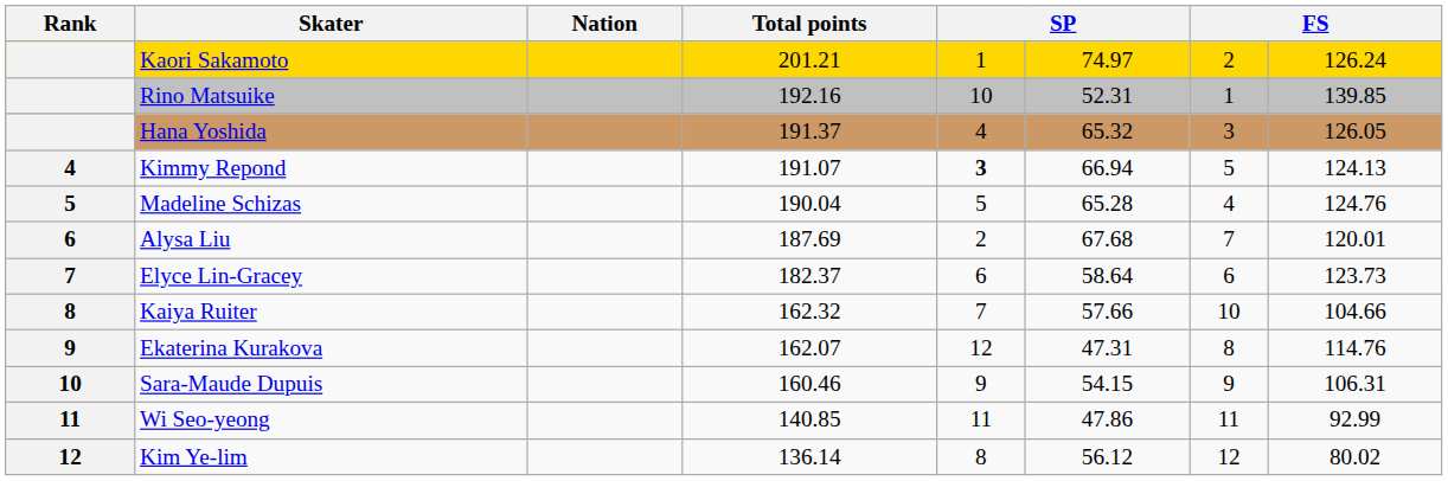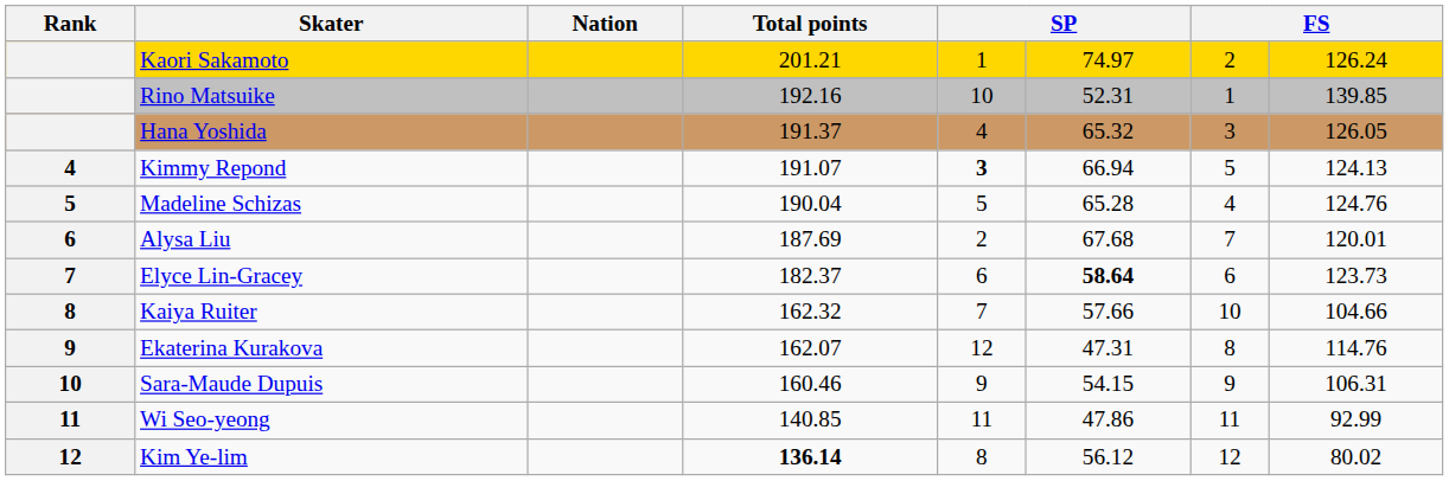 <table class="wikitable sortable" style="text-align:center;" width="80%">
 <tr>
 <th scope="col">Rank</th>
 <th scope="col">Skater</th>
 <th scope="col">Nation</th>
 <th scope="col">Total points</th>
 <th scope="col" colspan="2" width="80px"><a href='#'>SP</a></th>
 <th scope="col" colspan="2" width="80px"><a href='#'>FS</a></th>
 </tr>
 <tr bgcolor="gold">
 <th scope="row"></th>
 <td align="left"><a href='#'>Kaori Sakamoto</a></td>
 <td align="left"></td>
 <td>201.21</td>
 <td>1</td>
 <td>74.97</td>
 <td>2</td>
 <td>126.24</td>
 </tr>
 <tr bgcolor="silver">
 <th scope="row"></th>
 <td align="left"><a href='#'>Rino Matsuike</a></td>
 <td align="left"></td>
 <td>192.16</td>
 <td>10</td>
 <td>52.31</td>
 <td>1</td>
 <td>139.85</td>
 </tr>
 <tr bgcolor="cc9966">
 <th scope="row"></th>
 <td align="left"><a href='#'>Hana Yoshida</a></td>
 <td align="left"></td>
 <td>191.37</td>
 <td>4</td>
 <td>65.32</td>
 <td>3</td>
 <td>126.05</td>
 </tr>
 <tr>
 <th scope="row">4</th>
 <td align="left"><a href='#'>Kimmy Repond</a></td>
 <td align="left"></td>
 <td>191.07</td>
 <td><strong>3</strong></td>
 <td>66.94</td>
 <td>5</td>
 <td>124.13</td>
 </tr>
 <tr>
 <th scope="row">5</th>
 <td align="left"><a href='#'>Madeline Schizas</a></td>
 <td align="left"></td>
 <td>190.04</td>
 <td>5</td>
 <td>65.28</td>
 <td>4</td>
 <td>124.76</td>
 </tr>
 <tr>
 <th scope="row">6</th>
 <td align="left"><a href='#'>Alysa Liu</a></td>
 <td align="left"></td>
 <td>187.69</td>
 <td>2</td>
 <td>67.68</td>
 <td>7</td>
 <td>120.01</td>
 </tr>
 <tr>
 <th scope="row">7</th>
 <td align="left"><a href='#'>Elyce Lin-Gracey</a></td>
 <td align="left"></td>
 <td>182.37</td>
 <td>6</td>
-<td>58.64</td>
+<td><strong>58.64</strong></td>
 <td>6</td>
 <td>123.73</td>
 </tr>
 <tr>
 <th scope="row">8</th>
 <td align="left"><a href='#'>Kaiya Ruiter</a></td>
 <td align="left"></td>
 <td>162.32</td>
 <td>7</td>
 <td>57.66</td>
 <td>10</td>
 <td>104.66</td>
 </tr>
 <tr>
 <th scope="row">9</th>
 <td align="left"><a href='#'>Ekaterina Kurakova</a></td>
 <td align="left"></td>
 <td>162.07</td>
 <td>12</td>
 <td>47.31</td>
 <td>8</td>
 <td>114.76</td>
 </tr>
 <tr>
 <th scope="row">10</th>
 <td align="left"><a href='#'>Sara-Maude Dupuis</a></td>
 <td align="left"></td>
 <td>160.46</td>
 <td>9</td>
 <td>54.15</td>
 <td>9</td>
 <td>106.31</td>
 </tr>
 <tr>
 <th scope="row">11</th>
 <td align="left"><a href='#'>Wi Seo-yeong</a></td>
 <td align="left"></td>
 <td>140.85</td>
 <td>11</td>
 <td>47.86</td>
 <td>11</td>
 <td>92.99</td>
 </tr>
 <tr>
 <th scope="row">12</th>
 <td align="left"><a href='#'>Kim Ye-lim</a></td>
 <td align="left"></td>
-<td>136.14</td>
+<td><strong>136.14</strong></td>
 <td>8</td>
 <td>56.12</td>
 <td>12</td>
 <td>80.02</td>
 </tr>
 </table>
